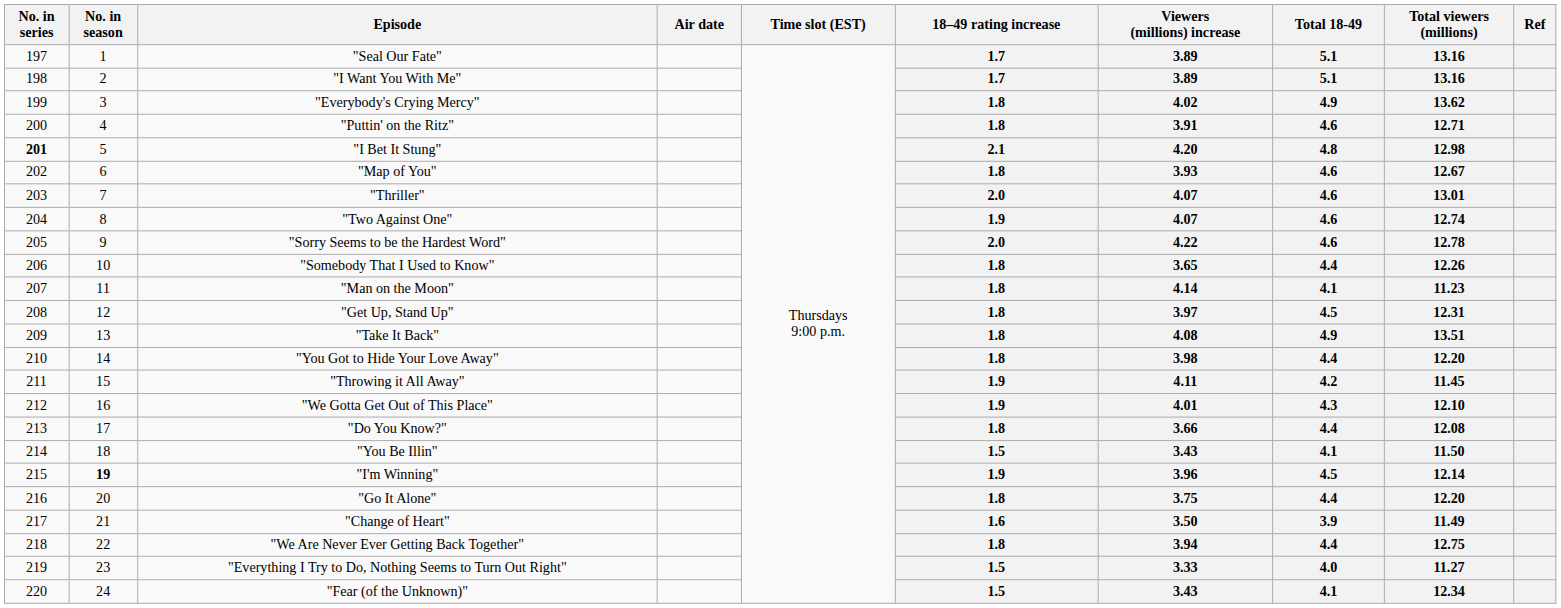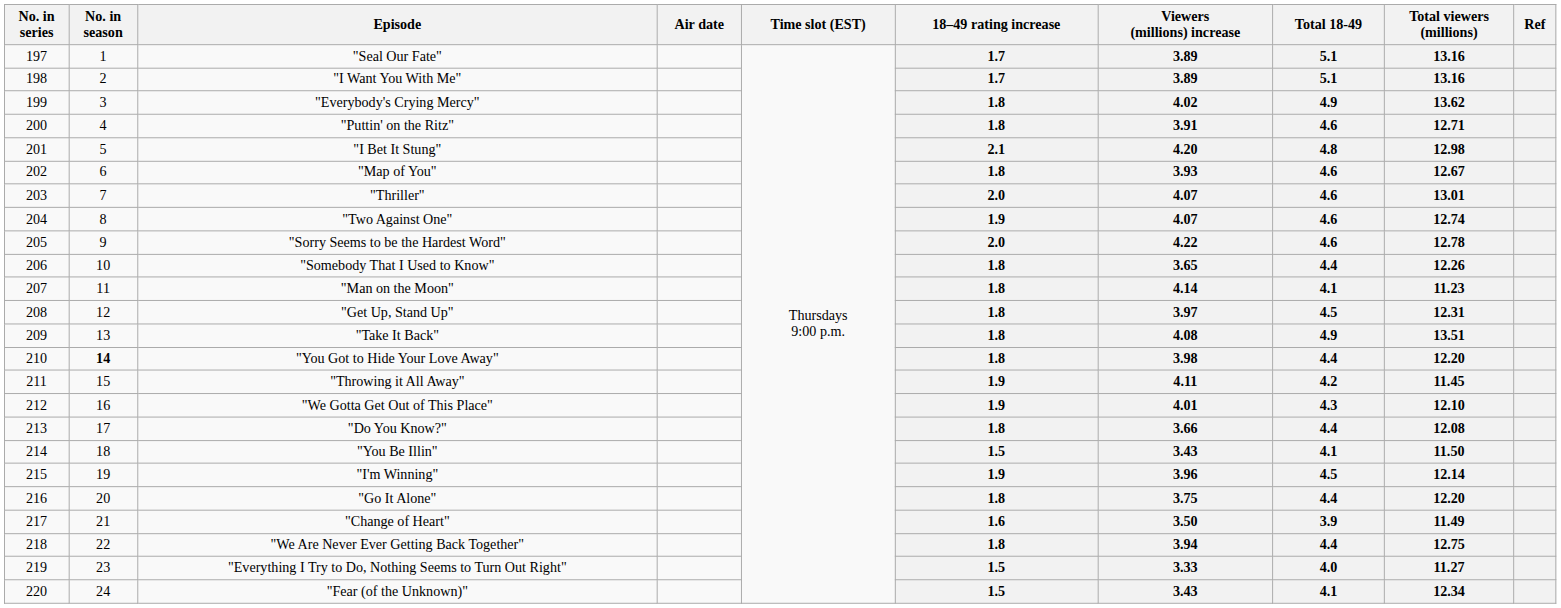 <table class="wikitable" style="font-size:90%; text-align:center; width: 100%; margin-left: auto; margin-right: auto;">
 <tr>
 <th>No. in<br>series</th>
 <th>No. in<br>season</th>
 <th>Episode</th>
 <th>Air date</th>
 <th>Time slot (EST)</th>
 <th>18–49 rating increase</th>
 <th>Viewers<br>(millions) increase</th>
 <th>Total 18-49</th>
 <th>Total viewers<br>(millions)</th>
 <th>Ref</th>
 </tr>
 <tr>
 <td style="text-align:center">197</td>
 <td style="text-align:center">1</td>
 <td>"Seal Our Fate"</td>
 <td></td>
 <td style="text-align:center" rowspan=24>Thursdays<br>9:00 p.m.</td>
 <th style="text-align:center">1.7</th>
 <th style="text-align:center">3.89</th>
 <th style="text-align:center">5.1</th>
 <th style="text-align:center">13.16</th>
 <th style="text-align:center"></th>
 </tr>
 <tr>
 <td style="text-align:center">198</td>
 <td style="text-align:center">2</td>
 <td>"I Want You With Me"</td>
 <td></td>
 <th style="text-align:center">1.7</th>
 <th style="text-align:center">3.89</th>
 <th style="text-align:center">5.1</th>
 <th style="text-align:center">13.16</th>
 <th style="text-align:center"></th>
 </tr>
 <tr>
 <td style="text-align:center">199</td>
 <td style="text-align:center">3</td>
 <td>"Everybody's Crying Mercy"</td>
 <td></td>
 <th style="text-align:center">1.8</th>
 <th style="text-align:center">4.02</th>
 <th style="text-align:center">4.9</th>
 <th style="text-align:center">13.62</th>
 <th style="text-align:center"></th>
 </tr>
 <tr>
 <td style="text-align:center">200</td>
 <td style="text-align:center">4</td>
 <td>"Puttin' on the Ritz"</td>
 <td></td>
 <th style="text-align:center">1.8</th>
 <th style="text-align:center">3.91</th>
 <th style="text-align:center">4.6</th>
 <th style="text-align:center">12.71</th>
 <th style="text-align:center"></th>
 </tr>
 <tr>
-<td style="text-align:center"><strong>201</strong></td>
+<td style="text-align:center">201</td>
 <td style="text-align:center">5</td>
 <td>"I Bet It Stung"</td>
 <td></td>
 <th style="text-align:center">2.1</th>
 <th style="text-align:center">4.20</th>
 <th style="text-align:center">4.8</th>
 <th style="text-align:center">12.98</th>
 <th style="text-align:center"></th>
 </tr>
 <tr>
 <td style="text-align:center">202</td>
 <td style="text-align:center">6</td>
 <td>"Map of You"</td>
 <td></td>
 <th style="text-align:center">1.8</th>
 <th style="text-align:center">3.93</th>
 <th style="text-align:center">4.6</th>
 <th style="text-align:center">12.67</th>
 <th style="text-align:center"></th>
 </tr>
 <tr>
 <td style="text-align:center">203</td>
 <td style="text-align:center">7</td>
 <td>"Thriller"</td>
 <td></td>
 <th style="text-align:center">2.0</th>
 <th style="text-align:center">4.07</th>
 <th style="text-align:center">4.6</th>
 <th style="text-align:center">13.01</th>
 <th style="text-align:center"></th>
 </tr>
 <tr>
 <td style="text-align:center">204</td>
 <td style="text-align:center">8</td>
 <td>"Two Against One"</td>
 <td></td>
 <th style="text-align:center">1.9</th>
 <th style="text-align:center">4.07</th>
 <th style="text-align:center">4.6</th>
 <th style="text-align:center">12.74</th>
 <th style="text-align:center"></th>
 </tr>
 <tr>
 <td style="text-align:center">205</td>
 <td style="text-align:center">9</td>
 <td>"Sorry Seems to be the Hardest Word"</td>
 <td></td>
 <th style="text-align:center">2.0</th>
 <th style="text-align:center">4.22</th>
 <th style="text-align:center">4.6</th>
 <th style="text-align:center">12.78</th>
 <th style="text-align:center"></th>
 </tr>
 <tr>
 <td style="text-align:center">206</td>
 <td style="text-align:center">10</td>
 <td>"Somebody That I Used to Know"</td>
 <td></td>
 <th style="text-align:center">1.8</th>
 <th style="text-align:center">3.65</th>
 <th style="text-align:center">4.4</th>
 <th style="text-align:center">12.26</th>
 <th style="text-align:center"></th>
 </tr>
 <tr>
 <td style="text-align:center">207</td>
 <td style="text-align:center">11</td>
 <td>"Man on the Moon"</td>
 <td></td>
 <th style="text-align:center">1.8</th>
 <th style="text-align:center">4.14</th>
 <th style="text-align:center">4.1</th>
 <th style="text-align:center">11.23</th>
 <th style="text-align:center"></th>
 </tr>
 <tr>
 <td style="text-align:center">208</td>
 <td style="text-align:center">12</td>
 <td>"Get Up, Stand Up"</td>
 <td></td>
 <th style="text-align:center">1.8</th>
 <th style="text-align:center">3.97</th>
 <th style="text-align:center">4.5</th>
 <th style="text-align:center">12.31</th>
 <th style="text-align:center"></th>
 </tr>
 <tr>
 <td style="text-align:center">209</td>
 <td style="text-align:center">13</td>
 <td>"Take It Back"</td>
 <td></td>
 <th style="text-align:center">1.8</th>
 <th style="text-align:center">4.08</th>
 <th style="text-align:center">4.9</th>
 <th style="text-align:center">13.51</th>
 <th style="text-align:center"></th>
 </tr>
 <tr>
 <td style="text-align:center">210</td>
-<td style="text-align:center">14</td>
+<td style="text-align:center"><strong>14</strong></td>
 <td>"You Got to Hide Your Love Away"</td>
 <td></td>
 <th style="text-align:center">1.8</th>
 <th style="text-align:center">3.98</th>
 <th style="text-align:center">4.4</th>
 <th style="text-align:center">12.20</th>
 <th style="text-align:center"></th>
 </tr>
 <tr>
 <td style="text-align:center">211</td>
 <td style="text-align:center">15</td>
 <td>"Throwing it All Away"</td>
 <td></td>
 <th style="text-align:center">1.9</th>
 <th style="text-align:center">4.11</th>
 <th style="text-align:center">4.2</th>
 <th style="text-align:center">11.45</th>
 <th style="text-align:center"></th>
 </tr>
 <tr>
 <td style="text-align:center">212</td>
 <td style="text-align:center">16</td>
 <td>"We Gotta Get Out of This Place"</td>
 <td></td>
 <th style="text-align:center">1.9</th>
 <th style="text-align:center">4.01</th>
 <th style="text-align:center">4.3</th>
 <th style="text-align:center">12.10</th>
 <th style="text-align:center"></th>
 </tr>
 <tr>
 <td style="text-align:center">213</td>
 <td style="text-align:center">17</td>
 <td>"Do You Know?"</td>
 <td></td>
 <th style="text-align:center">1.8</th>
 <th style="text-align:center">3.66</th>
 <th style="text-align:center">4.4</th>
 <th style="text-align:center">12.08</th>
 <th style="text-align:center"></th>
 </tr>
 <tr>
 <td style="text-align:center">214</td>
 <td style="text-align:center">18</td>
 <td>"You Be Illin"</td>
 <td></td>
 <th style="text-align:center">1.5</th>
 <th style="text-align:center">3.43</th>
 <th style="text-align:center">4.1</th>
 <th style="text-align:center">11.50</th>
 <th style="text-align:center"></th>
 </tr>
 <tr>
 <td style="text-align:center">215</td>
-<td style="text-align:center"><strong>19</strong></td>
+<td style="text-align:center">19</td>
 <td>"I'm Winning"</td>
 <td></td>
 <th style="text-align:center">1.9</th>
 <th style="text-align:center">3.96</th>
 <th style="text-align:center">4.5</th>
 <th style="text-align:center">12.14</th>
 <th style="text-align:center"></th>
 </tr>
 <tr>
 <td style="text-align:center">216</td>
 <td style="text-align:center">20</td>
 <td>"Go It Alone"</td>
 <td></td>
 <th style="text-align:center">1.8</th>
 <th style="text-align:center">3.75</th>
 <th style="text-align:center">4.4</th>
 <th style="text-align:center">12.20</th>
 <th style="text-align:center"></th>
 </tr>
 <tr>
 <td style="text-align:center">217</td>
 <td style="text-align:center">21</td>
 <td>"Change of Heart"</td>
 <td></td>
 <th style="text-align:center">1.6</th>
 <th style="text-align:center">3.50</th>
 <th style="text-align:center">3.9</th>
 <th style="text-align:center">11.49</th>
 <th style="text-align:center"></th>
 </tr>
 <tr>
 <td style="text-align:center">218</td>
 <td style="text-align:center">22</td>
 <td>"We Are Never Ever Getting Back Together"</td>
 <td></td>
 <th style="text-align:center">1.8</th>
 <th style="text-align:center">3.94</th>
 <th style="text-align:center">4.4</th>
 <th style="text-align:center">12.75</th>
 <th style="text-align:center"></th>
 </tr>
 <tr>
 <td style="text-align:center">219</td>
 <td style="text-align:center">23</td>
 <td>"Everything I Try to Do, Nothing Seems to Turn Out Right"</td>
 <td></td>
 <th style="text-align:center">1.5</th>
 <th style="text-align:center">3.33</th>
 <th style="text-align:center">4.0</th>
 <th style="text-align:center">11.27</th>
 <th style="text-align:center"></th>
 </tr>
 <tr>
 <td style="text-align:center">220</td>
 <td style="text-align:center">24</td>
 <td>"Fear (of the Unknown)"</td>
 <td></td>
 <th style="text-align:center">1.5</th>
 <th style="text-align:center">3.43</th>
 <th style="text-align:center">4.1</th>
 <th style="text-align:center">12.34</th>
 <th style="text-align:center"></th>
 </tr>
 </table>
